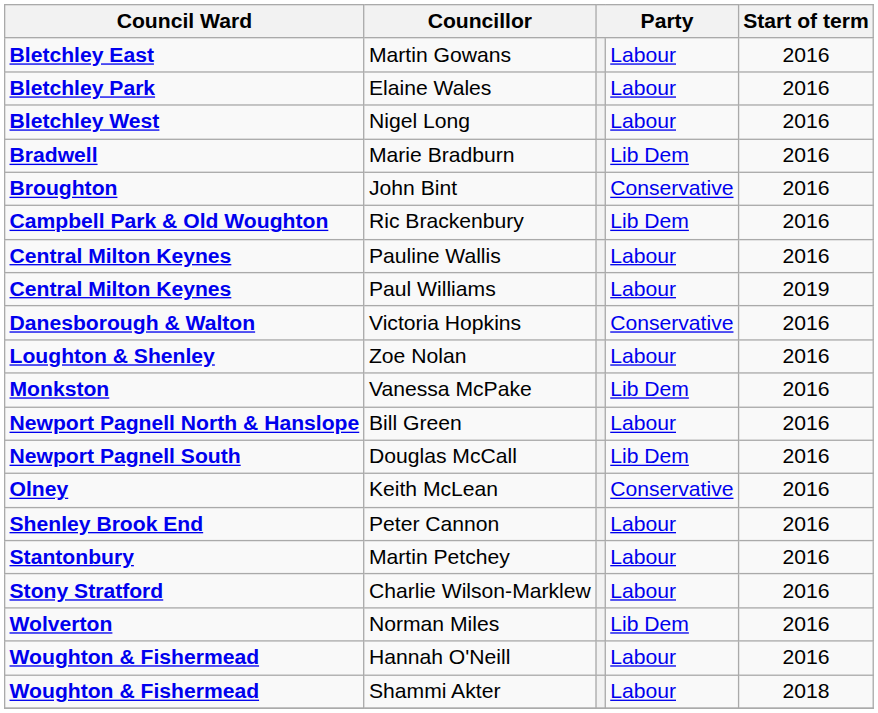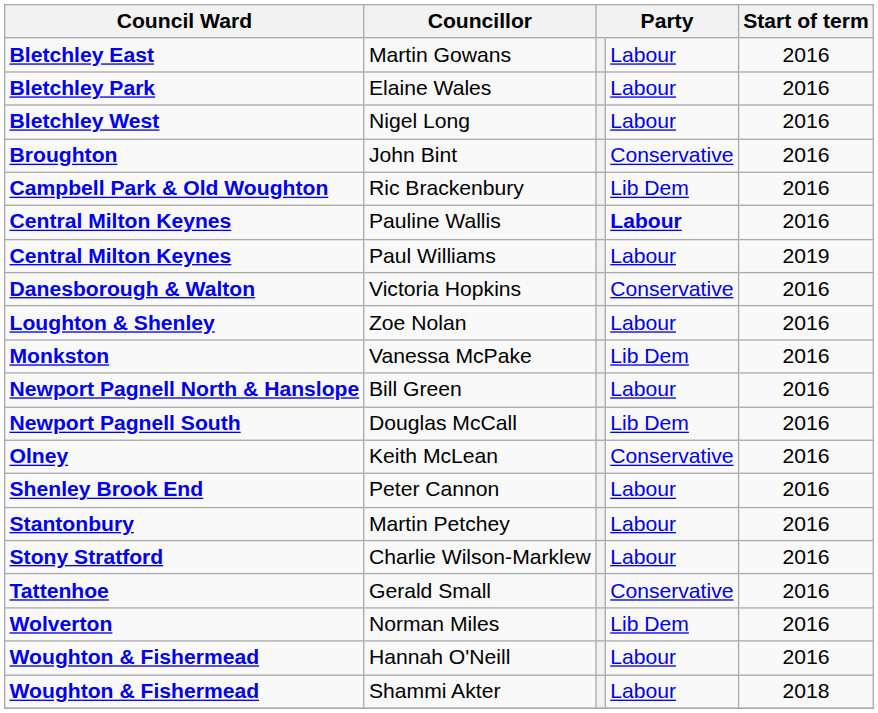 <table class="wikitable sortable">
 <tr>
 <th>Council Ward</th>
 <th>Councillor</th>
 <th colspan="2">Party</th>
 <th>Start of term</th>
 </tr>
 <tr>
 <td align="left"><strong><a href='#'>Bletchley East</a></strong></td>
 <td align="left">Martin Gowans</td>
 <th style="background-color: "></th>
 <td><a href='#'>Labour</a></td>
 <td align="center">2016</td>
 </tr>
 <tr>
 <td align="left"><strong><a href='#'>Bletchley Park</a></strong></td>
 <td align="left">Elaine Wales</td>
 <th style="background-color: "></th>
 <td><a href='#'>Labour</a></td>
 <td align="center">2016</td>
 </tr>
 <tr>
 <td align="left"><strong><a href='#'>Bletchley West</a></strong></td>
 <td align="left">Nigel Long</td>
 <th style="background-color: "></th>
 <td><a href='#'>Labour</a></td>
 <td align="center">2016</td>
 </tr>
 <tr>
-<td align="left"><strong><a href='#'>Bradwell</a></strong></td>
-<td align="left">Marie Bradburn</td>
-<th style="background-color: "></th>
-<td><a href='#'>Lib Dem</a></td>
-<td align="center">2016</td>
-</tr>
-<tr>
 <td align="left"><strong><a href='#'>Broughton</a></strong></td>
 <td align="left">John Bint</td>
 <th style="background-color: "></th>
 <td><a href='#'>Conservative</a></td>
 <td align="center">2016</td>
 </tr>
 <tr>
 <td align="left"><strong><a href='#'>Campbell Park & Old Woughton</a></strong></td>
 <td align="left">Ric Brackenbury</td>
 <th style="background-color: "></th>
 <td><a href='#'>Lib Dem</a></td>
 <td align="center">2016</td>
 </tr>
 <tr>
 <td align="left"><strong><a href='#'>Central Milton Keynes</a></strong></td>
 <td align="left">Pauline Wallis</td>
 <th style="background-color: "></th>
-<td><a href='#'>Labour</a></td>
+<td><strong><a href='#'>Labour</a></strong></td>
 <td align="center">2016</td>
 </tr>
 <tr>
 <td align="left"><strong><a href='#'>Central Milton Keynes</a></strong></td>
 <td align="left">Paul Williams</td>
 <th style="background-color: "></th>
 <td><a href='#'>Labour</a></td>
 <td align="center">2019</td>
 </tr>
 <tr>
 <td align="left"><strong><a href='#'>Danesborough & Walton</a></strong></td>
 <td align="left">Victoria Hopkins</td>
 <th style="background-color: "></th>
 <td><a href='#'>Conservative</a></td>
 <td align="center">2016</td>
 </tr>
 <tr>
 <td align="left"><strong><a href='#'>Loughton & Shenley</a></strong></td>
 <td align="left">Zoe Nolan</td>
 <th style="background-color: "></th>
 <td><a href='#'>Labour</a></td>
 <td align="center">2016</td>
 </tr>
 <tr>
 <td align="left"><strong><a href='#'>Monkston</a></strong></td>
 <td align="left">Vanessa McPake</td>
 <th style="background-color: "></th>
 <td><a href='#'>Lib Dem</a></td>
 <td align="center">2016</td>
 </tr>
 <tr>
 <td align="left"><strong><a href='#'>Newport Pagnell North & Hanslope</a></strong></td>
 <td align="left">Bill Green</td>
 <th style="background-color: "></th>
 <td><a href='#'>Labour</a></td>
 <td align="center">2016</td>
 </tr>
 <tr>
 <td align="left"><strong><a href='#'>Newport Pagnell South</a></strong></td>
 <td align="left">Douglas McCall</td>
 <th style="background-color: "></th>
 <td><a href='#'>Lib Dem</a></td>
 <td align="center">2016</td>
 </tr>
 <tr>
 <td align="left"><strong><a href='#'>Olney</a></strong></td>
 <td align="left">Keith McLean</td>
 <th style="background-color: "></th>
 <td><a href='#'>Conservative</a></td>
 <td align="center">2016</td>
 </tr>
 <tr>
 <td align="left"><strong><a href='#'>Shenley Brook End</a></strong></td>
 <td align="left">Peter Cannon</td>
 <th style="background-color: "></th>
 <td><a href='#'>Labour</a></td>
 <td align="center">2016</td>
 </tr>
 <tr>
 <td align="left"><strong><a href='#'>Stantonbury</a></strong></td>
 <td align="left">Martin Petchey</td>
 <th style="background-color: "></th>
 <td><a href='#'>Labour</a></td>
 <td align="center">2016</td>
 </tr>
 <tr>
 <td align="left"><strong><a href='#'>Stony Stratford</a></strong></td>
 <td align="left">Charlie Wilson-Marklew</td>
 <th style="background-color: "></th>
 <td><a href='#'>Labour</a></td>
 <td align="center">2016</td>
 </tr>
 <tr>
+<td align="left"><strong><a href='#'>Tattenhoe</a></strong></td>
+<td align="left">Gerald Small</td>
+<th style="background-color: "></th>
+<td><a href='#'>Conservative</a></td>
+<td align="center">2016</td>
+</tr>
+<tr>
 <td align="left"><strong><a href='#'>Wolverton</a></strong></td>
 <td align="left">Norman Miles</td>
 <th style="background-color: "></th>
 <td><a href='#'>Lib Dem</a></td>
 <td align="center">2016</td>
 </tr>
 <tr>
 <td align="left"><strong><a href='#'>Woughton & Fishermead</a></strong></td>
 <td align="left">Hannah O'Neill</td>
 <th style="background-color: "></th>
 <td><a href='#'>Labour</a></td>
 <td align="center">2016</td>
 </tr>
 <tr>
 <td align="left"><strong><a href='#'>Woughton & Fishermead</a></strong></td>
 <td align="left">Shammi Akter</td>
 <th style="background-color: "></th>
 <td><a href='#'>Labour</a></td>
 <td align="center">2018</td>
 </tr>
 <tr>
 </tr>
 </table>
